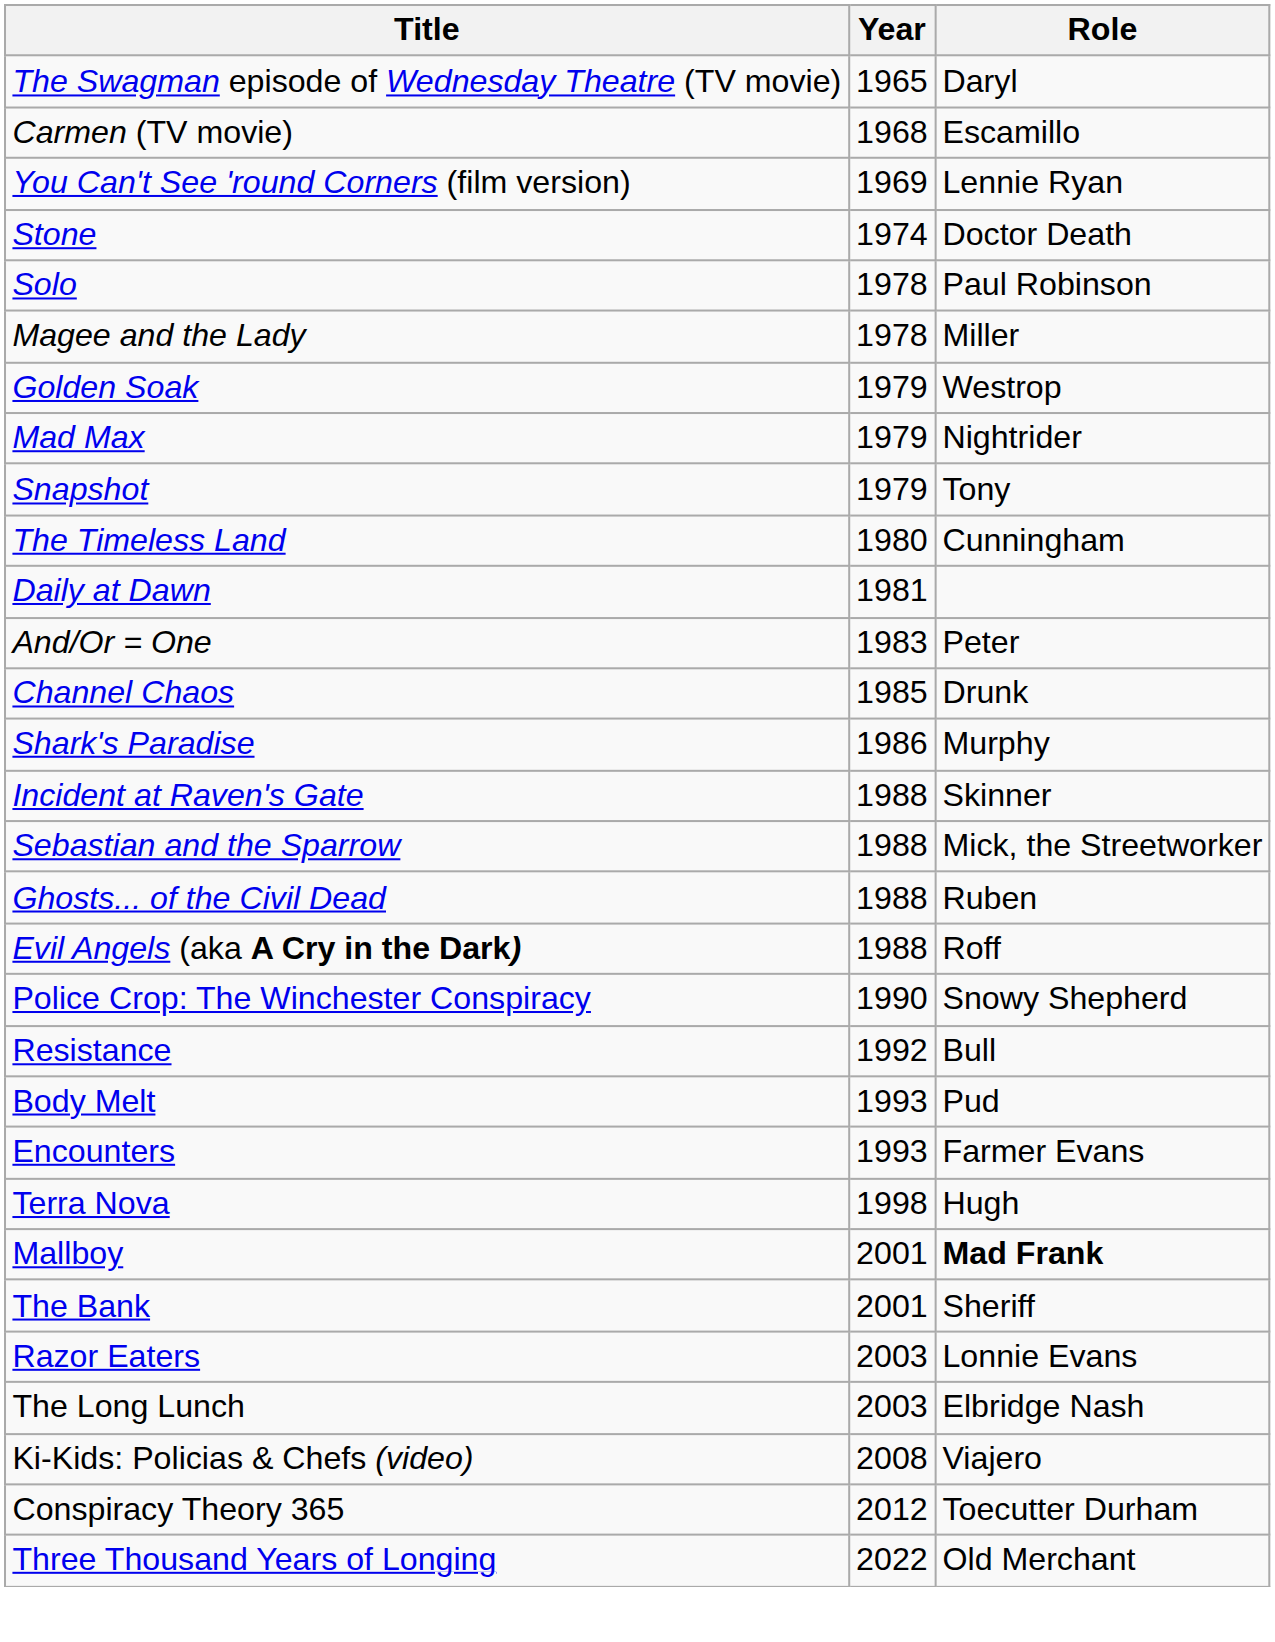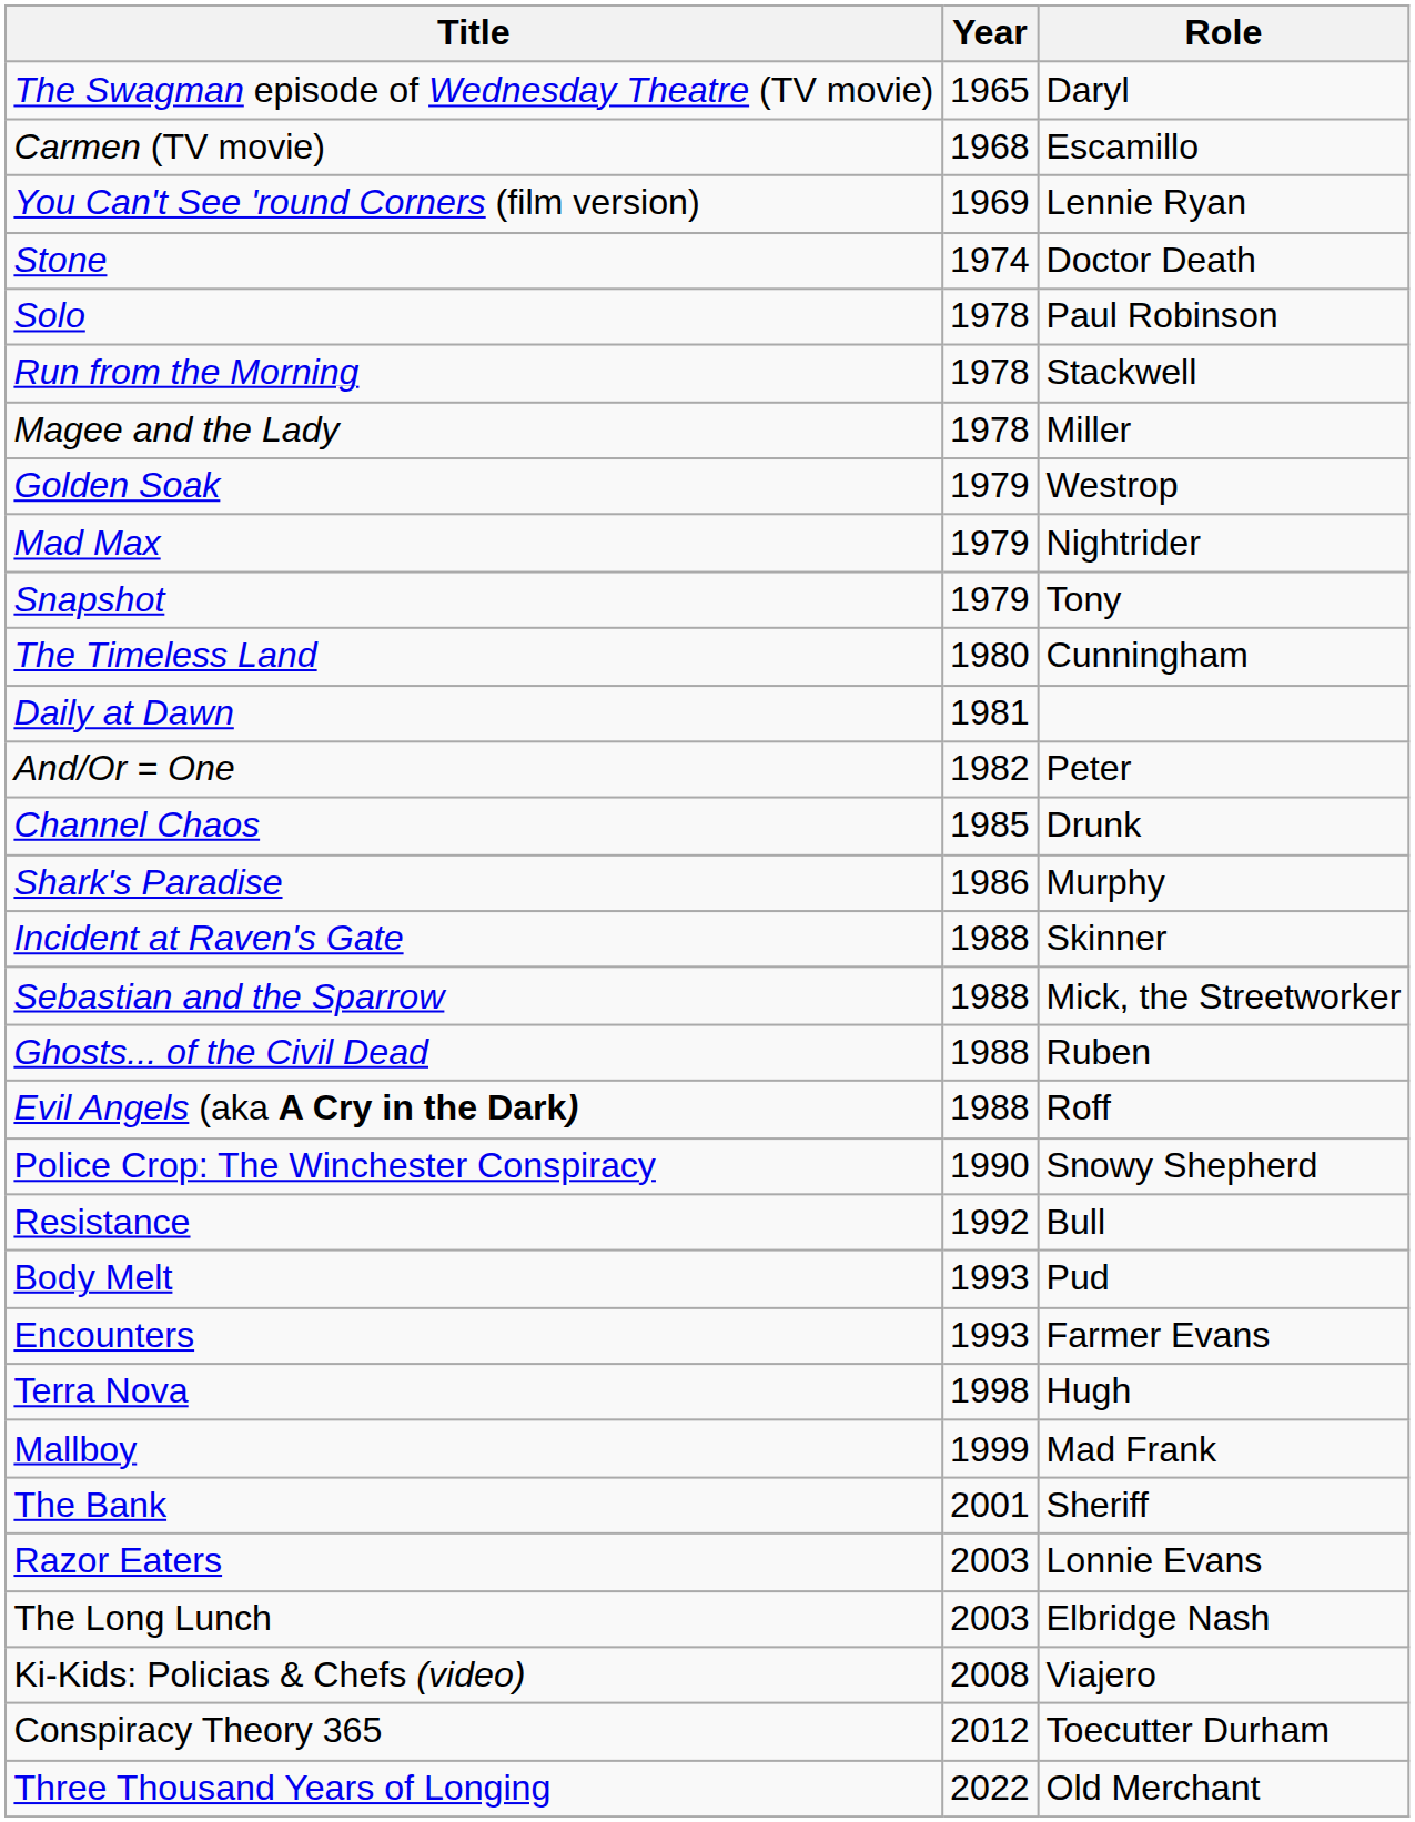 <table class="wikitable">
 <tr>
 <th>Title</th>
 <th>Year</th>
 <th>Role</th>
 </tr>
 <tr>
 <td><em><a href='#'>The Swagman</a></em> episode of <em><a href='#'>Wednesday Theatre</a></em> (TV movie)</td>
 <td>1965</td>
 <td>Daryl</td>
 </tr>
 <tr>
 <td><em>Carmen</em> (TV movie)</td>
 <td>1968</td>
 <td>Escamillo</td>
 </tr>
 <tr>
 <td><em><a href='#'>You Can't See 'round Corners</a></em> (film version)</td>
 <td>1969</td>
 <td>Lennie Ryan</td>
 </tr>
 <tr>
 <td><em><a href='#'>Stone</a></em></td>
 <td>1974</td>
 <td>Doctor Death</td>
 </tr>
 <tr>
 <td><em><a href='#'>Solo</a></em></td>
 <td>1978</td>
 <td>Paul Robinson</td>
+</tr>
+<tr>
+<td><em><a href='#'>Run from the Morning</a></em></td>
+<td>1978</td>
+<td>Stackwell</td>
 </tr>
 <tr>
 <td><em>Magee and the Lady</em></td>
 <td>1978</td>
 <td>Miller</td>
 </tr>
 <tr>
 <td><em><a href='#'>Golden Soak</a></em></td>
 <td>1979</td>
 <td>Westrop</td>
 </tr>
 <tr>
 <td><em><a href='#'>Mad Max</a></em></td>
 <td>1979</td>
 <td>Nightrider</td>
 </tr>
 <tr>
 <td><em><a href='#'>Snapshot</a></em></td>
 <td>1979</td>
 <td>Tony</td>
 </tr>
 <tr>
 <td><em><a href='#'>The Timeless Land</a></em></td>
 <td>1980</td>
 <td>Cunningham</td>
 </tr>
 <tr>
 <td><em><a href='#'>Daily at Dawn</a></em></td>
 <td>1981</td>
 <td></td>
 </tr>
 <tr>
 <td><em>And/Or = One</em></td>
-<td>1983</td>
+<td>1982</td>
 <td>Peter</td>
 </tr>
 <tr>
 <td><em><a href='#'>Channel Chaos</a></em></td>
 <td>1985</td>
 <td>Drunk</td>
 </tr>
 <tr>
 <td><em><a href='#'>Shark's Paradise</a></em></td>
 <td>1986</td>
 <td>Murphy</td>
 </tr>
 <tr>
 <td><em><a href='#'>Incident at Raven's Gate</a></em></td>
 <td>1988</td>
 <td>Skinner</td>
 </tr>
 <tr>
 <td><em><a href='#'>Sebastian and the Sparrow</a></em></td>
 <td>1988</td>
 <td>Mick, the Streetworker</td>
 </tr>
 <tr>
 <td><em><a href='#'>Ghosts... of the Civil Dead</a></em></td>
 <td>1988</td>
 <td>Ruben</td>
 </tr>
 <tr>
 <td><em><a href='#'>Evil Angels</a></em> (aka <strong>A Cry in the Dark<em>)</td>
 <td>1988</td>
 <td>Roff</td>
 </tr>
 <tr>
 <td></em><a href='#'>Police Crop: The Winchester Conspiracy</a><em></td>
 <td>1990</td>
 <td>Snowy Shepherd</td>
 </tr>
 <tr>
 <td></em><a href='#'>Resistance</a><em></td>
 <td>1992</td>
 <td>Bull</td>
 </tr>
 <tr>
 <td></em><a href='#'>Body Melt</a><em></td>
 <td>1993</td>
 <td>Pud</td>
 </tr>
 <tr>
 <td></em><a href='#'>Encounters</a><em></td>
 <td>1993</td>
 <td>Farmer Evans</td>
 </tr>
 <tr>
 <td></em><a href='#'>Terra Nova</a><em></td>
 <td>1998</td>
 <td>Hugh</td>
 </tr>
 <tr>
 <td></em><a href='#'>Mallboy</a><em></td>
-<td>2001</td>
-<td><strong>Mad Frank</strong></td>
+<td>1999</td>
+<td>Mad Frank</td>
 </tr>
 <tr>
 <td></em><a href='#'>The Bank</a><em></td>
 <td>2001</td>
 <td>Sheriff</td>
 </tr>
 <tr>
 <td></em><a href='#'>Razor Eaters</a><em></td>
 <td>2003</td>
 <td>Lonnie Evans</td>
 </tr>
 <tr>
 <td></em>The Long Lunch<em></td>
 <td>2003</td>
 <td>Elbridge Nash</td>
 </tr>
 <tr>
 <td></em>Ki-Kids: Policias & Chefs<em> (video)</td>
 <td>2008</td>
 <td>Viajero</td>
 </tr>
 <tr>
 <td></em>Conspiracy Theory 365<em></td>
 <td>2012</td>
 <td>Toecutter Durham</td>
 </tr>
 <tr>
 <td></em><a href='#'>Three Thousand Years of Longing</a><em></td>
 <td>2022</td>
 <td>Old Merchant</td>
 </tr>
 </table>
